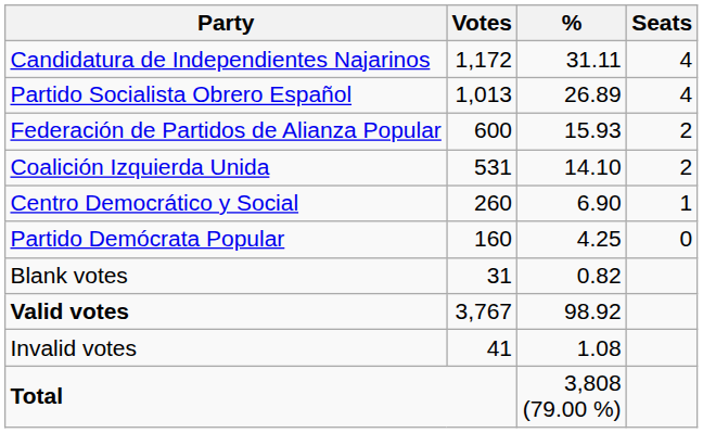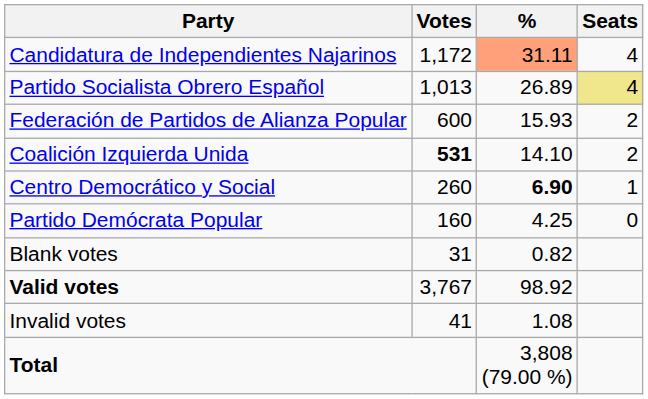 <table class="wikitable">
 <tr style="background:#e9e9e9;">
 <th>Party</th>
 <th>Votes</th>
 <th>%</th>
 <th>Seats</th>
 </tr>
 <tr>
 <td><a href='#'>Candidatura de Independientes Najarinos</a></td>
 <td align="right">1,172</td>
-<td align="right">31.11</td>
+<td align="right" style="background: lightsalmon;">31.11</td>
 <td align="right">4</td>
 </tr>
 <tr>
 <td><a href='#'>Partido Socialista Obrero Español</a></td>
 <td align="right">1,013</td>
 <td align="right">26.89</td>
-<td align="right">4</td>
+<td align="right" style="background: khaki;">4</td>
 </tr>
 <tr>
 <td><a href='#'>Federación de Partidos de Alianza Popular</a></td>
 <td align="right">600</td>
 <td align="right">15.93</td>
 <td align="right">2</td>
 </tr>
 <tr>
 <td><a href='#'>Coalición Izquierda Unida</a></td>
-<td align="right">531</td>
+<td align="right"><strong>531</strong></td>
 <td align="right">14.10</td>
 <td align="right">2</td>
 </tr>
 <tr>
 <td><a href='#'>Centro Democrático y Social</a></td>
 <td align="right">260</td>
-<td align="right">6.90</td>
+<td align="right"><strong>6.90</strong></td>
 <td align="right">1</td>
 </tr>
 <tr>
 <td><a href='#'>Partido Demócrata Popular</a></td>
 <td align="right">160</td>
 <td align="right">4.25</td>
 <td align="right">0</td>
 </tr>
 <tr>
 <td>Blank votes</td>
 <td align="right">31</td>
 <td align="right">0.82</td>
 <td> </td>
 </tr>
 <tr>
 <td><strong>Valid votes</strong></td>
 <td align="right">3,767</td>
 <td align="right">98.92</td>
 <td> </td>
 </tr>
 <tr>
 <td>Invalid votes</td>
 <td align="right">41</td>
 <td align="right">1.08</td>
 <td> </td>
 </tr>
 <tr>
 <td colspan="2"><strong>Total</strong></td>
 <td align="right">3,808<br>(79.00 %)</td>
 <td></td>
 </tr>
 </table>
